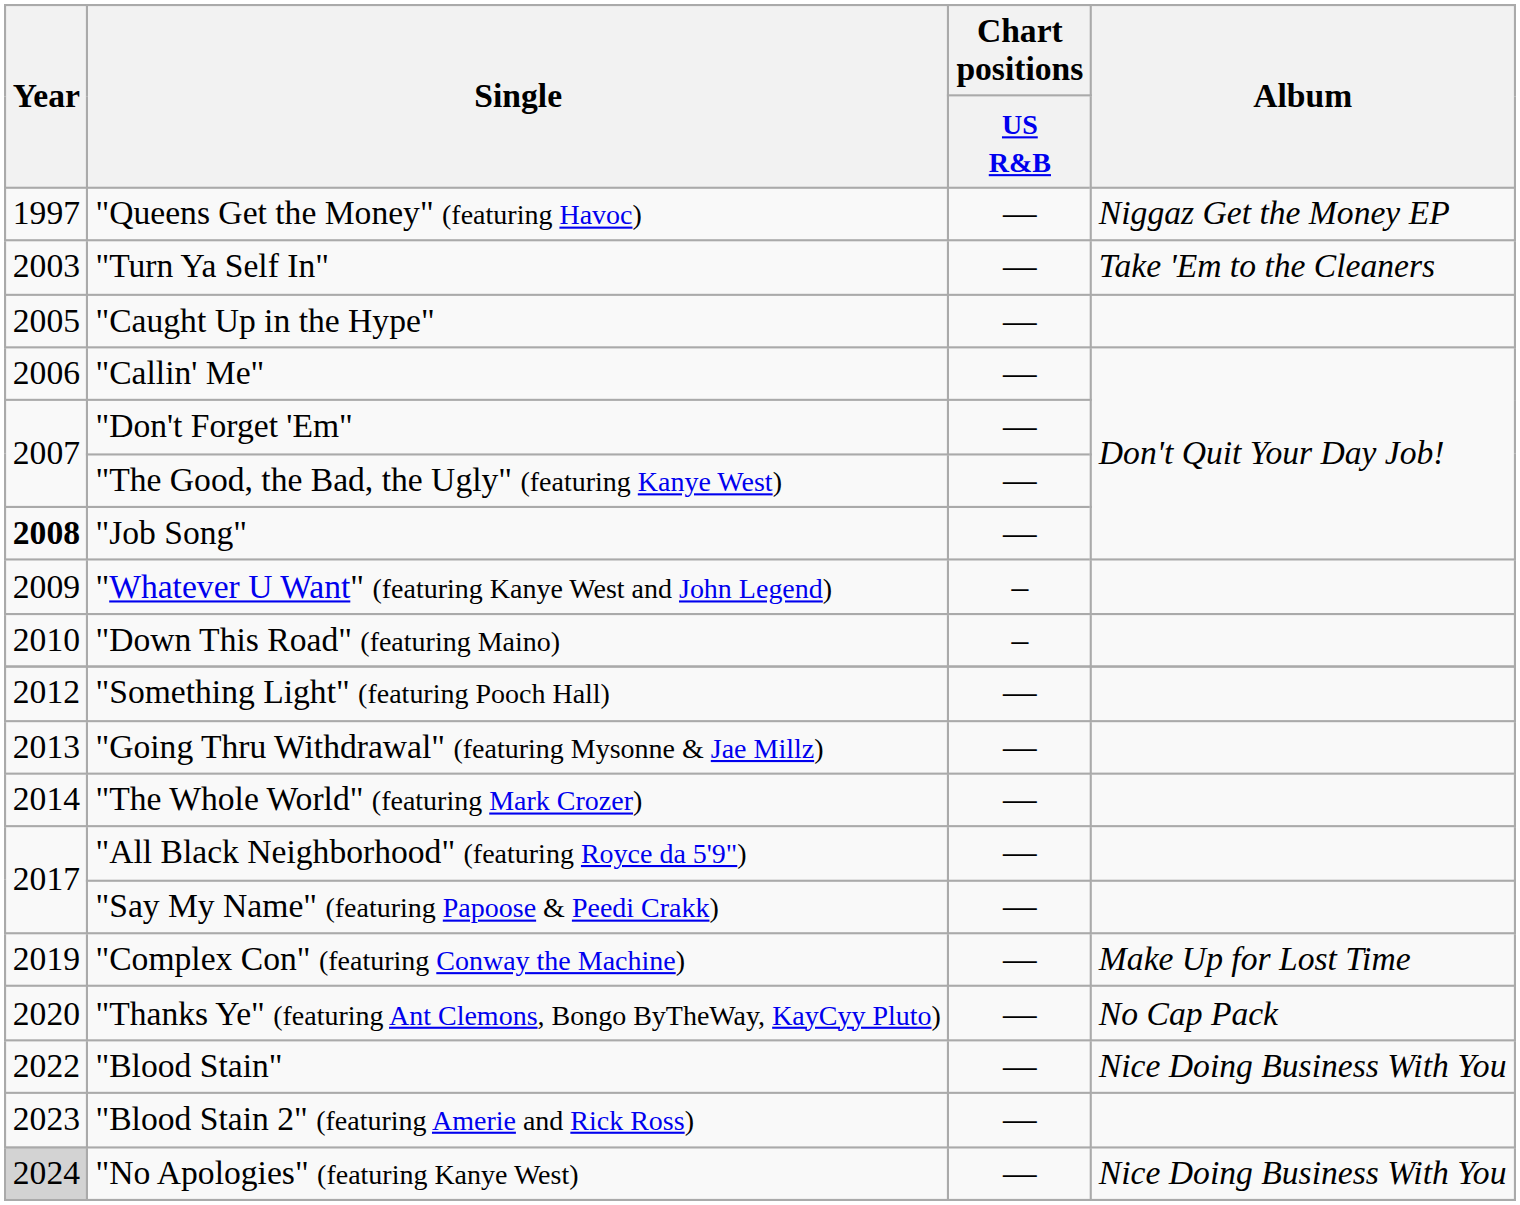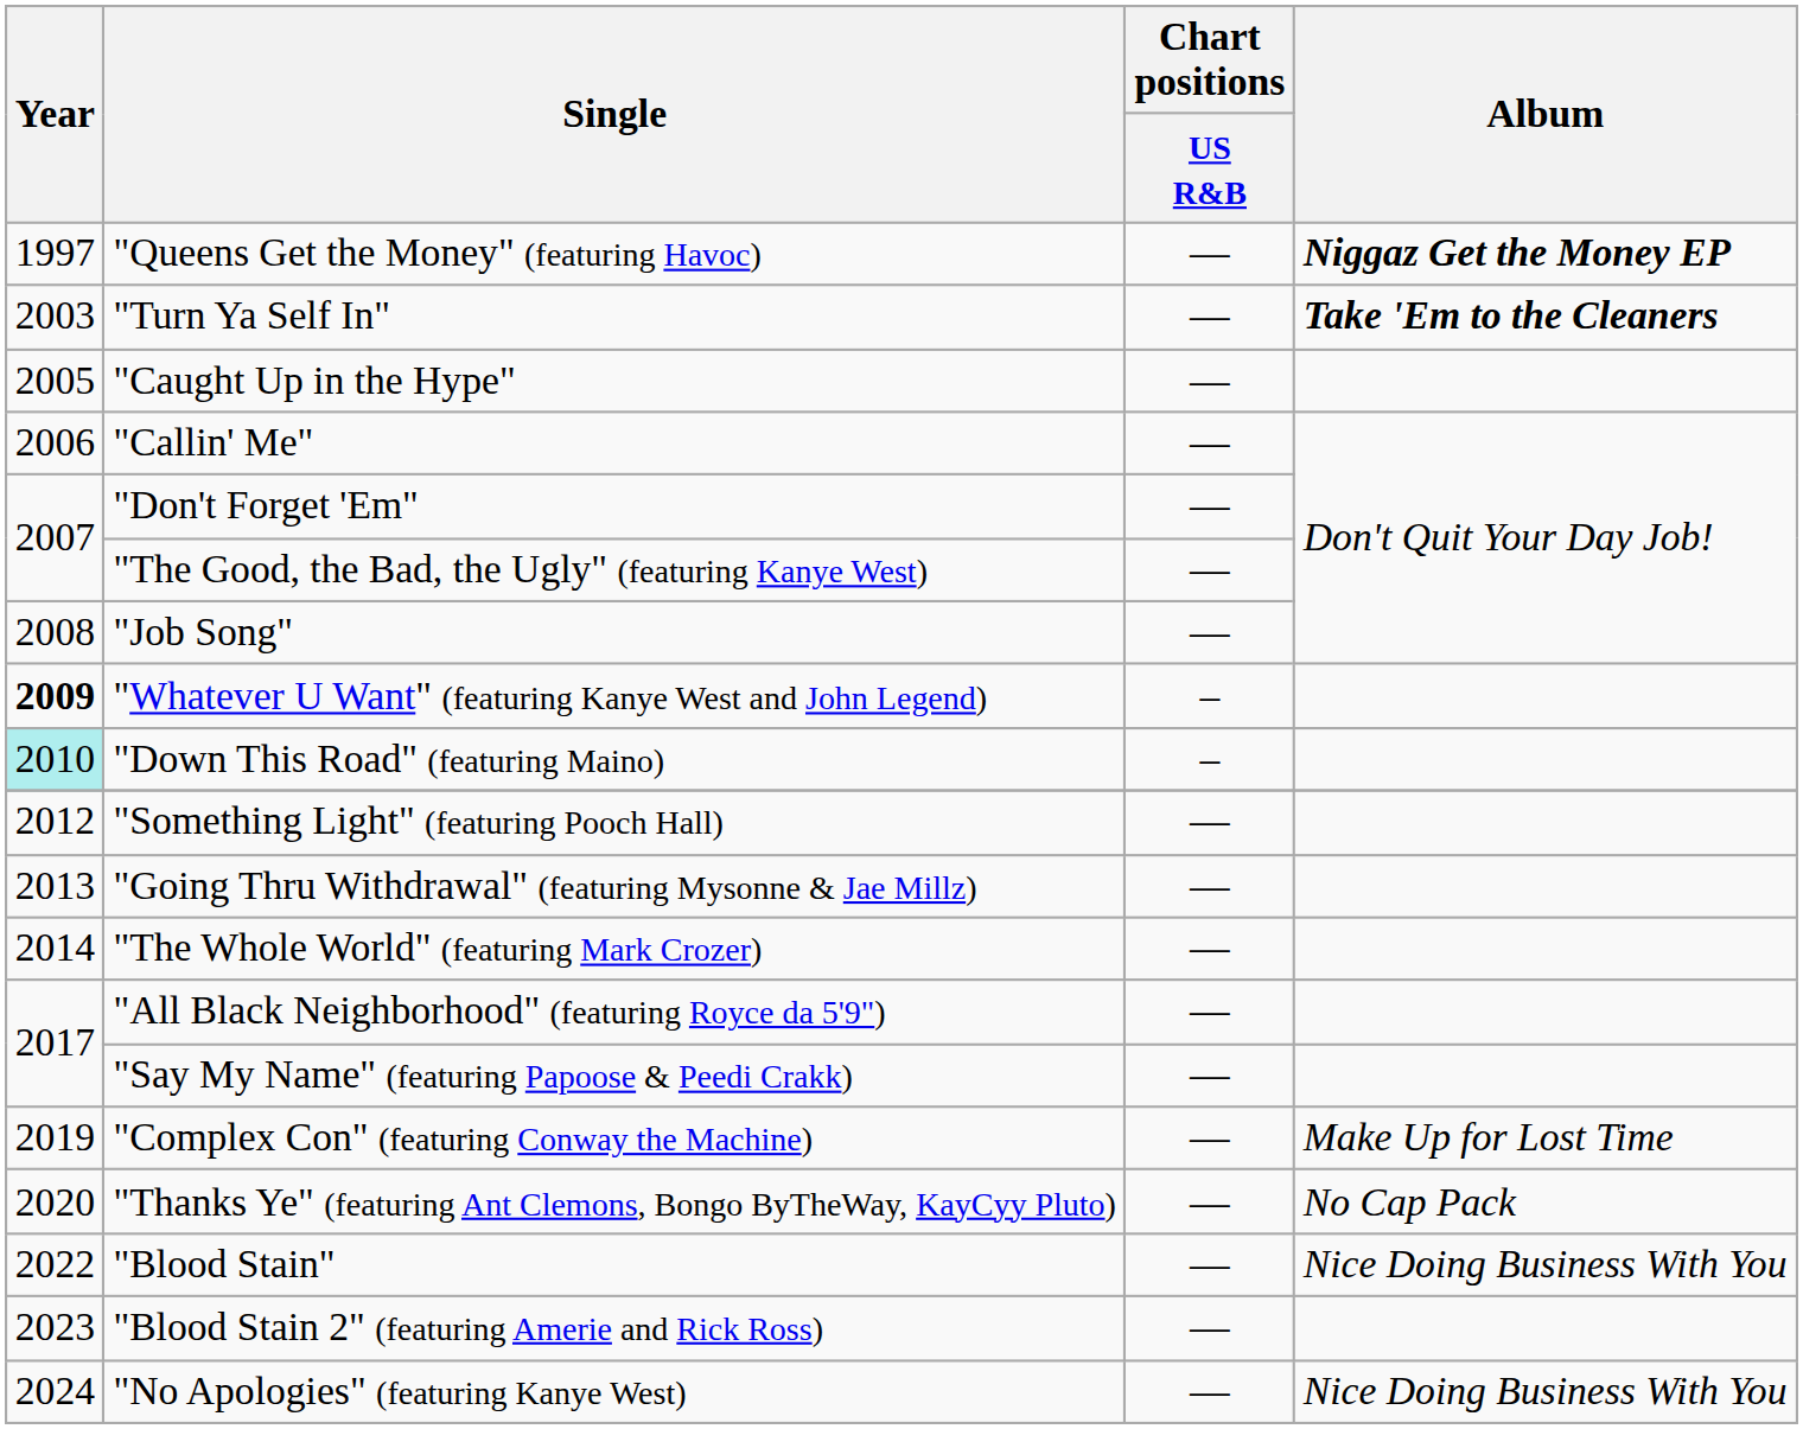 <table class="wikitable">
 <tr>
 <th rowspan="2">Year</th>
 <th rowspan="2">Single</th>
 <th>Chart positions</th>
 <th rowspan="2">Album</th>
 </tr>
 <tr>
 <th style="text-align:center; width:31px;"><small><a href='#'>US<br>R&B</a></small></th>
 </tr>
 <tr>
 <td align=center>1997</td>
 <td align=left>"Queens Get the Money" <small>(featuring <a href='#'>Havoc</a>)</small></td>
 <td align=center>—</td>
-<td align=left><em>Niggaz Get the Money EP</em></td>
+<td align=left><strong><em>Niggaz Get the Money EP</em></strong></td>
 </tr>
 <tr>
 <td align=center>2003</td>
 <td align=left>"Turn Ya Self In"</td>
 <td align=center>—</td>
-<td align=left><em>Take 'Em to the Cleaners</em></td>
+<td align=left><strong><em>Take 'Em to the Cleaners</em></strong></td>
 </tr>
 <tr>
 <td align=center>2005</td>
 <td align=left>"Caught Up in the Hype"</td>
 <td align=center>—</td>
 <td></td>
 </tr>
 <tr>
 <td align=center>2006</td>
 <td align=left>"Callin' Me"</td>
 <td align=center>—</td>
 <td style="text-align:left;" rowspan="4"><em>Don't Quit Your Day Job!</em></td>
 </tr>
 <tr>
 <td style="text-align:center;" rowspan="2">2007</td>
 <td align=left>"Don't Forget 'Em"</td>
 <td align=center>—</td>
 </tr>
 <tr>
 <td align=left>"The Good, the Bad, the Ugly" <small>(featuring <a href='#'>Kanye West</a>)</small></td>
 <td align=center>—</td>
 </tr>
 <tr>
-<td align=center><strong>2008</strong></td>
+<td align=center>2008</td>
 <td align=left>"Job Song"</td>
 <td align=center>—</td>
 </tr>
 <tr>
-<td align=center>2009</td>
+<td align=center><strong>2009</strong></td>
 <td align=left>"<a href='#'>Whatever U Want</a>" <small>(featuring Kanye West and <a href='#'>John Legend</a>)</small></td>
 <td align=center>–</td>
 </tr>
 <tr>
-<td align=center>2010</td>
+<td align=center style="background: paleturquoise;">2010</td>
 <td align=left>"Down This Road" <small>(featuring Maino)</small></td>
 <td align=center>–</td>
 <td></td>
 </tr>
 <tr>
 </tr>
 <tr>
 <td align=center>2012</td>
 <td align=left>"Something Light" <small>(featuring Pooch Hall)</small></td>
 <td align=center>—</td>
 <td></td>
 </tr>
 <tr>
 <td align=center>2013</td>
 <td align=left>"Going Thru Withdrawal" <small>(featuring Mysonne & <a href='#'>Jae Millz</a>)</small></td>
 <td align=center>—</td>
 <td></td>
 </tr>
 <tr>
 <td align=center>2014</td>
 <td align=left>"The Whole World" <small>(featuring <a href='#'>Mark Crozer</a>)</small></td>
 <td align=center>—</td>
 <td></td>
 </tr>
 <tr>
 <td style="text-align:center;" rowspan="2">2017</td>
 <td align=left>"All Black Neighborhood" <small>(featuring <a href='#'>Royce da 5'9"</a>)</small></td>
 <td align=center>—</td>
 <td></td>
 </tr>
 <tr>
 <td align=left>"Say My Name" <small> (featuring <a href='#'>Papoose</a> & <a href='#'>Peedi Crakk</a>)</small></td>
 <td align=center>—</td>
 <td></td>
 </tr>
 <tr>
 <td align=center>2019</td>
 <td align=left>"Complex Con" <small>(featuring <a href='#'>Conway the Machine</a>)</small></td>
 <td align=center>—</td>
 <td><em>Make Up for Lost Time</em></td>
 </tr>
 <tr>
 <td align=center>2020</td>
 <td align=left>"Thanks Ye" <small>(featuring <a href='#'>Ant Clemons</a>, Bongo ByTheWay, <a href='#'>KayCyy Pluto</a>)</small></td>
 <td align=center>—</td>
 <td><em>No Cap Pack</em></td>
 </tr>
 <tr>
 <td align=center>2022</td>
 <td align=left>"Blood Stain"</td>
 <td align=center>—</td>
 <td><em>Nice Doing Business With You</em></td>
 </tr>
 <tr>
 <td align=center>2023</td>
 <td align=left>"Blood Stain 2" <small>(featuring <a href='#'>Amerie</a> and <a href='#'>Rick Ross</a>)</small></td>
 <td align=center>—</td>
 <td></td>
 </tr>
 <tr>
-<td align=center style="background: lightgrey;">2024</td>
+<td align=center>2024</td>
 <td align=left>"No Apologies" <small>(featuring Kanye West)</small></td>
 <td align=center>—</td>
 <td><em>Nice Doing Business With You</em></td>
 </tr>
 </table>
